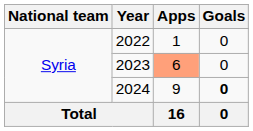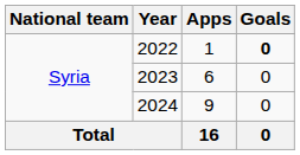 <table class="wikitable" style="text-align:center">
 <tr>
 <th>National team</th>
 <th>Year</th>
 <th>Apps</th>
 <th>Goals</th>
 </tr>
 <tr>
 <td rowspan="4"><a href='#'>Syria</a></td>
 </tr>
 <tr>
 <td>2022</td>
 <td>1</td>
-<td>0</td>
+<td><strong>0</strong></td>
 </tr>
 <tr>
 <td>2023</td>
-<td style="background: lightsalmon;">6</td>
+<td>6</td>
 <td>0</td>
 </tr>
 <tr>
 <td>2024</td>
 <td>9</td>
-<td><strong>0</strong></td>
+<td>0</td>
 </tr>
 <tr>
 <th colspan="2">Total</th>
 <th>16</th>
 <th>0</th>
 </tr>
 </table>
